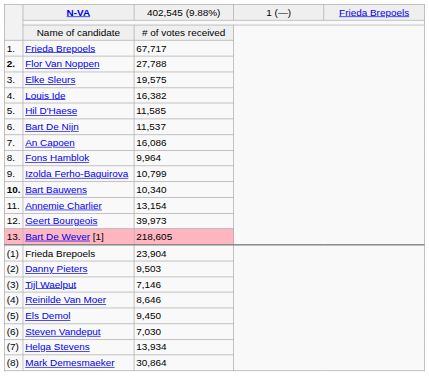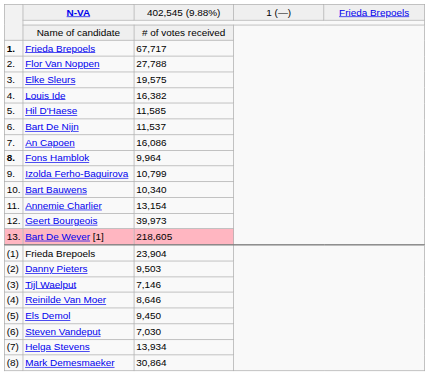 <table class="wikitable collapsible collapsed" style=text-align:left;font-size:90%>
 <tr>
 <th rowspan=3></th>
 <td bgcolor=efefef width=200 align=center><strong> <a href='#'>N-VA</a> </strong></td>
 <td bgcolor=efefef width=200 align=center>402,545 (9.88%)</td>
 <td bgcolor=efefef width=200 align=center>1 (—)</td>
 <td bgcolor=efefef width=200 align=center><a href='#'>Frieda Brepoels</a></td>
 </tr>
 <tr>
 <td colspan=4 bgcolor=></td>
 </tr>
 <tr>
 <td bgcolor=efefef align=center>Name of candidate</td>
 <td bgcolor=efefef align=center># of votes received</td>
 </tr>
 <tr>
-<td>1.</td>
+<td><strong>1.</strong></td>
 <td><a href='#'>Frieda Brepoels</a></td>
 <td>67,717</td>
 </tr>
 <tr>
-<td><strong>2.</strong></td>
+<td>2.</td>
 <td><a href='#'>Flor Van Noppen</a></td>
 <td>27,788</td>
 </tr>
 <tr>
 <td>3.</td>
 <td><a href='#'>Elke Sleurs</a></td>
 <td>19,575</td>
 </tr>
 <tr>
 <td>4.</td>
 <td><a href='#'>Louis Ide</a></td>
 <td>16,382</td>
 </tr>
 <tr>
 <td>5.</td>
 <td><a href='#'>Hil D'Haese</a></td>
 <td>11,585</td>
 </tr>
 <tr>
 <td>6.</td>
 <td><a href='#'>Bart De Nijn</a></td>
 <td>11,537</td>
 </tr>
 <tr>
 <td>7.</td>
 <td><a href='#'>An Capoen</a></td>
 <td>16,086</td>
 </tr>
 <tr>
-<td>8.</td>
+<td><strong>8.</strong></td>
 <td><a href='#'>Fons Hamblok</a></td>
 <td>9,964</td>
 </tr>
 <tr>
 <td>9.</td>
 <td><a href='#'>Izolda Ferho-Baguirova</a></td>
 <td>10,799</td>
 </tr>
 <tr>
-<td><strong>10.</strong></td>
+<td>10.</td>
 <td><a href='#'>Bart Bauwens</a></td>
 <td>10,340</td>
 </tr>
 <tr>
 <td>11.</td>
 <td><a href='#'>Annemie Charlier</a></td>
 <td>13,154</td>
 </tr>
 <tr>
 <td>12.</td>
 <td><a href='#'>Geert Bourgeois</a></td>
 <td>39,973</td>
 </tr>
 <tr bgcolor="lightpink">
 <td>13.</td>
 <td><a href='#'>Bart De Wever</a> [1]</td>
 <td>218,605</td>
 </tr>
 <tr style="border-top:2px solid gray;">
 <td>(1)</td>
 <td>Frieda Brepoels</td>
 <td>23,904</td>
 </tr>
 <tr>
 <td>(2)</td>
 <td><a href='#'>Danny Pieters</a></td>
 <td>9,503</td>
 </tr>
 <tr>
 <td>(3)</td>
 <td><a href='#'>Tijl Waelput</a></td>
 <td>7,146</td>
 </tr>
 <tr>
 <td>(4)</td>
 <td><a href='#'>Reinilde Van Moer</a></td>
 <td>8,646</td>
 </tr>
 <tr>
 <td>(5)</td>
 <td><a href='#'>Els Demol</a></td>
 <td>9,450</td>
 </tr>
 <tr>
 <td>(6)</td>
 <td><a href='#'>Steven Vandeput</a></td>
 <td>7,030</td>
 </tr>
 <tr>
 <td>(7)</td>
 <td><a href='#'>Helga Stevens</a></td>
 <td>13,934</td>
 </tr>
 <tr>
 <td>(8)</td>
 <td><a href='#'>Mark Demesmaeker</a></td>
 <td>30,864</td>
 </tr>
 </table>
